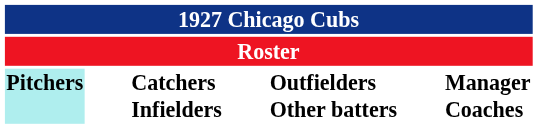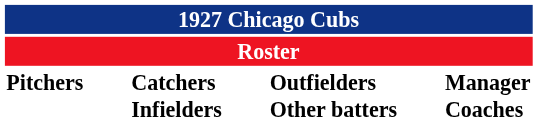 <table class="toccolours" style="font-size: 95%;">
 <tr>
 <th colspan="10" style="background-color: #0e3386; color: white; text-align: center;">1927 Chicago Cubs</th>
 </tr>
 <tr>
 <td colspan="10" style="background-color: #EE1422; color: white; text-align: center;"><strong>Roster</strong></td>
 </tr>
 <tr>
-<td valign="top" style="background: paleturquoise;"><strong>Pitchers</strong><br>             </td>
+<td valign="top"><strong>Pitchers</strong><br>             </td>
 <td width="25px"></td>
 <td valign="top"><strong>Catchers</strong><br>   <strong>Infielders</strong>          </td>
 <td width="25px"></td>
 <td valign="top"><strong>Outfielders</strong><br>     <strong>Other batters</strong>  </td>
 <td width="25px"></td>
 <td valign="top"><strong>Manager</strong><br> <strong>Coaches</strong>  </td>
 </tr>
 </table>
